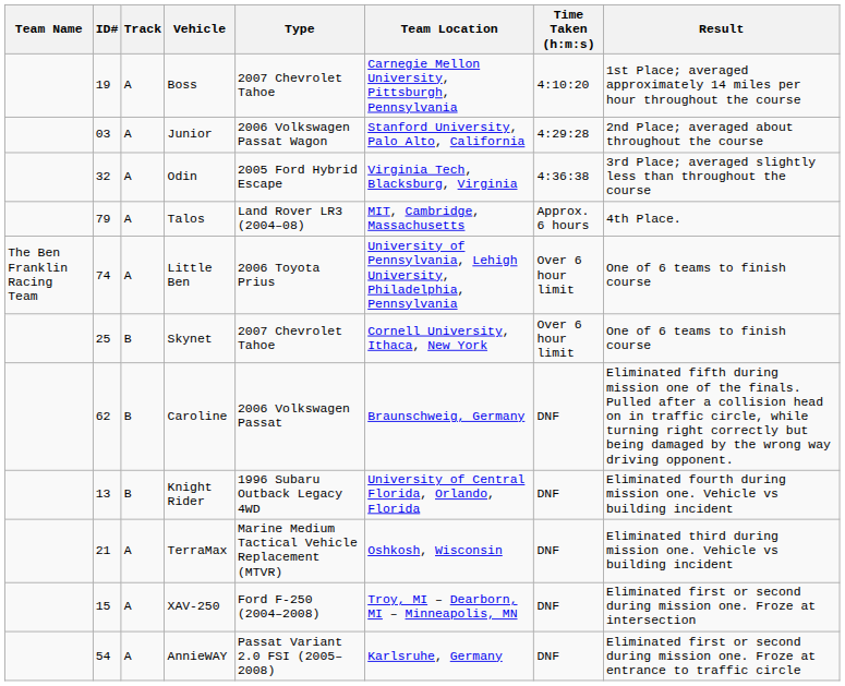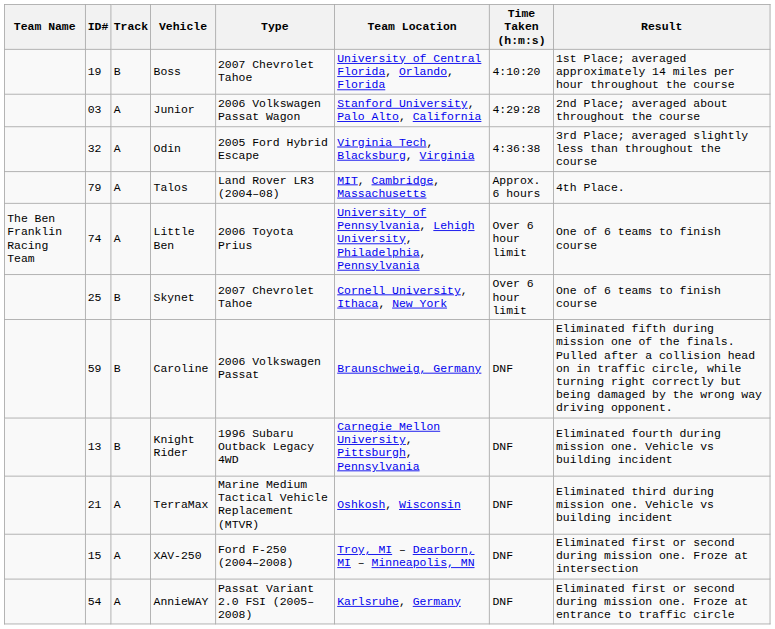 <table class="wikitable">
 <tr>
 <th>Team Name</th>
 <th>ID#</th>
 <th>Track</th>
 <th>Vehicle</th>
 <th>Type</th>
 <th>Team Location</th>
 <th>Time Taken<br>(h:m:s)</th>
 <th>Result</th>
 </tr>
 <tr>
 <td></td>
 <td>19</td>
-<td>A</td>
+<td>B</td>
 <td>Boss</td>
 <td>2007 Chevrolet Tahoe</td>
-<td><a href='#'>Carnegie Mellon University</a>, <a href='#'>Pittsburgh</a>, <a href='#'>Pennsylvania</a></td>
+<td><a href='#'>University of Central Florida</a>, <a href='#'>Orlando</a>, <a href='#'>Florida</a></td>
 <td>4:10:20</td>
 <td>1st Place; averaged approximately 14 miles per hour throughout the course </td>
 </tr>
 <tr>
 <td></td>
 <td>03</td>
 <td>A</td>
 <td>Junior</td>
 <td>2006 Volkswagen Passat Wagon</td>
 <td><a href='#'>Stanford University</a>, <a href='#'>Palo Alto</a>, <a href='#'>California</a></td>
 <td>4:29:28</td>
 <td>2nd Place; averaged about   throughout the course</td>
 </tr>
 <tr>
 <td></td>
 <td>32</td>
 <td>A</td>
 <td>Odin</td>
 <td>2005 Ford Hybrid Escape</td>
 <td><a href='#'>Virginia Tech</a>, <a href='#'>Blacksburg</a>, <a href='#'>Virginia</a></td>
 <td>4:36:38</td>
 <td>3rd Place; averaged slightly less than   throughout the course</td>
 </tr>
 <tr>
 <td></td>
 <td>79</td>
 <td>A</td>
 <td>Talos</td>
 <td>Land Rover LR3 (2004–08)</td>
 <td><a href='#'>MIT</a>, <a href='#'>Cambridge</a>, <a href='#'>Massachusetts</a></td>
 <td>Approx. 6 hours</td>
 <td>4th Place.</td>
 </tr>
 <tr>
 <td>The Ben Franklin Racing Team</td>
 <td>74</td>
 <td>A</td>
 <td>Little Ben</td>
 <td>2006 Toyota Prius</td>
 <td><a href='#'>University of Pennsylvania</a>, <a href='#'>Lehigh University</a>, <a href='#'>Philadelphia</a>, <a href='#'>Pennsylvania</a></td>
 <td>Over 6 hour limit</td>
 <td>One of 6 teams to finish course</td>
 </tr>
 <tr>
 <td></td>
 <td>25</td>
 <td>B</td>
 <td>Skynet</td>
 <td>2007 Chevrolet Tahoe</td>
 <td><a href='#'>Cornell University</a>, <a href='#'>Ithaca</a>, <a href='#'>New York</a></td>
 <td>Over 6 hour limit</td>
 <td>One of 6 teams to finish course</td>
 </tr>
 <tr>
 <td></td>
-<td>62</td>
+<td>59</td>
 <td>B</td>
 <td>Caroline</td>
 <td>2006 Volkswagen Passat</td>
 <td><a href='#'>Braunschweig, Germany</a></td>
 <td>DNF</td>
 <td>Eliminated fifth during mission one of the finals.<br>Pulled after a collision head on in traffic circle, while turning right correctly but being damaged by the wrong way driving opponent.</td>
 </tr>
 <tr>
 <td></td>
 <td>13</td>
 <td>B</td>
 <td>Knight Rider</td>
 <td>1996 Subaru Outback Legacy 4WD</td>
-<td><a href='#'>University of Central Florida</a>, <a href='#'>Orlando</a>, <a href='#'>Florida</a></td>
+<td><a href='#'>Carnegie Mellon University</a>, <a href='#'>Pittsburgh</a>, <a href='#'>Pennsylvania</a></td>
 <td>DNF</td>
 <td>Eliminated fourth during mission one.  Vehicle vs building incident</td>
 </tr>
 <tr>
 <td></td>
 <td>21</td>
 <td>A</td>
 <td>TerraMax</td>
 <td>Marine Medium Tactical Vehicle Replacement (MTVR)</td>
 <td><a href='#'>Oshkosh</a>, <a href='#'>Wisconsin</a></td>
 <td>DNF</td>
 <td>Eliminated third during mission one.  Vehicle vs building incident</td>
 </tr>
 <tr>
 <td></td>
 <td>15</td>
 <td>A</td>
 <td>XAV-250</td>
 <td>Ford F-250 (2004–2008)</td>
 <td><a href='#'>Troy, MI</a> – <a href='#'>Dearborn, MI</a> – <a href='#'>Minneapolis, MN</a></td>
 <td>DNF</td>
 <td>Eliminated first or second during mission one.  Froze at intersection</td>
 </tr>
 <tr>
 <td> </td>
 <td>54</td>
 <td>A</td>
 <td>AnnieWAY</td>
 <td>Passat Variant 2.0 FSI (2005–2008)</td>
 <td><a href='#'>Karlsruhe</a>, <a href='#'>Germany</a></td>
 <td>DNF</td>
 <td>Eliminated first or second during mission one. Froze at entrance to traffic circle</td>
 </tr>
 </table>
